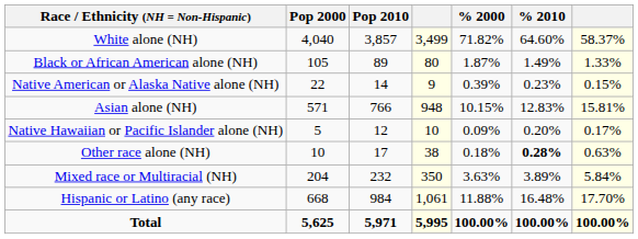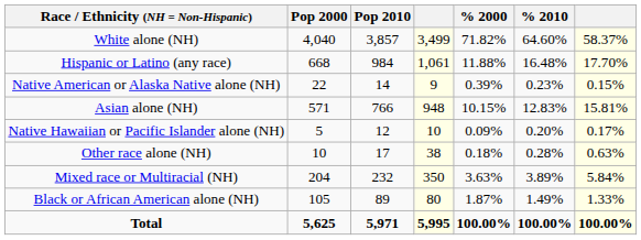 <table class="wikitable" style="text-align:center;">
 <tr>
 <th>Race / Ethnicity <small>(<em>NH = Non-Hispanic</em>)</small></th>
 <th>Pop 2000</th>
 <th>Pop 2010</th>
 <th></th>
 <th>% 2000</th>
 <th>% 2010</th>
 <th></th>
 </tr>
 <tr>
 <td><a href='#'>White</a> alone (NH)</td>
 <td>4,040</td>
 <td>3,857</td>
 <td style='background: #ffffe6;'>3,499</td>
 <td>71.82%</td>
 <td>64.60%</td>
 <td style='background: #ffffe6;'>58.37%</td>
 </tr>
 <tr>
-<td><a href='#'>Black or African American</a> alone (NH)</td>
-<td>105</td>
-<td>89</td>
-<td style='background: #ffffe6;'>80</td>
-<td>1.87%</td>
-<td>1.49%</td>
-<td style='background: #ffffe6;'>1.33%</td>
+<td><a href='#'>Hispanic or Latino</a> (any race)</td>
+<td>668</td>
+<td>984</td>
+<td style='background: #ffffe6;'>1,061</td>
+<td>11.88%</td>
+<td>16.48%</td>
+<td style='background: #ffffe6;'>17.70%</td>
 </tr>
 <tr>
 <td><a href='#'>Native American</a> or <a href='#'>Alaska Native</a> alone (NH)</td>
 <td>22</td>
 <td>14</td>
 <td style='background: #ffffe6;'>9</td>
 <td>0.39%</td>
 <td>0.23%</td>
 <td style='background: #ffffe6;'>0.15%</td>
 </tr>
 <tr>
 <td><a href='#'>Asian</a> alone (NH)</td>
 <td>571</td>
 <td>766</td>
 <td style='background: #ffffe6;'>948</td>
 <td>10.15%</td>
 <td>12.83%</td>
 <td style='background: #ffffe6;'>15.81%</td>
 </tr>
 <tr>
 <td><a href='#'>Native Hawaiian</a> or <a href='#'>Pacific Islander</a> alone (NH)</td>
 <td>5</td>
 <td>12</td>
 <td style='background: #ffffe6;'>10</td>
 <td>0.09%</td>
 <td>0.20%</td>
 <td style='background: #ffffe6;'>0.17%</td>
 </tr>
 <tr>
 <td><a href='#'>Other race</a> alone (NH)</td>
 <td>10</td>
 <td>17</td>
 <td style='background: #ffffe6;'>38</td>
 <td>0.18%</td>
-<td><strong>0.28%</strong></td>
+<td>0.28%</td>
 <td style='background: #ffffe6;'>0.63%</td>
 </tr>
 <tr>
 <td><a href='#'>Mixed race or Multiracial</a> (NH)</td>
 <td>204</td>
 <td>232</td>
 <td style='background: #ffffe6;'>350</td>
 <td>3.63%</td>
 <td>3.89%</td>
 <td style='background: #ffffe6;'>5.84%</td>
 </tr>
 <tr>
-<td><a href='#'>Hispanic or Latino</a> (any race)</td>
-<td>668</td>
-<td>984</td>
-<td style='background: #ffffe6;'>1,061</td>
-<td>11.88%</td>
-<td>16.48%</td>
-<td style='background: #ffffe6;'>17.70%</td>
+<td><a href='#'>Black or African American</a> alone (NH)</td>
+<td>105</td>
+<td>89</td>
+<td style='background: #ffffe6;'>80</td>
+<td>1.87%</td>
+<td>1.49%</td>
+<td style='background: #ffffe6;'>1.33%</td>
 </tr>
 <tr>
 <td><strong>Total</strong></td>
 <td><strong>5,625</strong></td>
 <td><strong>5,971</strong></td>
 <td style='background: #ffffe6;'><strong>5,995</strong></td>
 <td><strong>100.00%</strong></td>
 <td><strong>100.00%</strong></td>
 <td style='background: #ffffe6;'><strong>100.00%</strong></td>
 </tr>
 </table>
